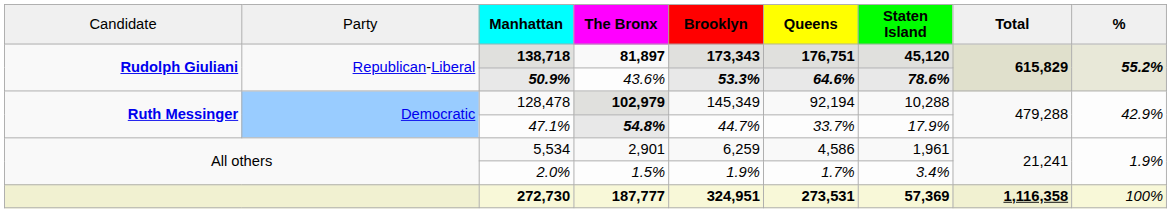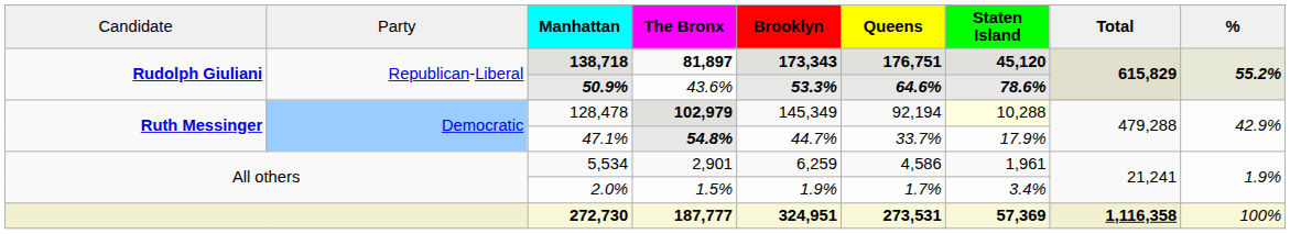 <table class="wikitable"  style="width:100%; text-align:right;">
 <tr style="text-align:center;">
 <td style="width:20%; background:#f0f0f0;">Candidate</td>
 <td style="width:20%; background:#f0f0f0;">Party</td>
 <td style="width:8%; background:aqua;"><strong>Manhattan</strong></td>
 <td style="width:8%; background:magenta;"><strong>The Bronx</strong></td>
 <td style="width:8%; background:red;"><strong>Brooklyn</strong></td>
 <td style="width:8%; background:yellow;"><strong>Queens</strong></td>
 <td style="width:8%; background:lime;"><strong>Staten Island</strong></td>
 <td style="width:10%; background:#f0f0f0;"><strong>Total</strong></td>
 <td style="width:8%; background:#f0f0f0;"><strong>%</strong></td>
 </tr>
 <tr>
 <td rowspan="2"><strong><a href='#'>Rudolph Giuliani</a></strong></td>
 <td rowspan="2"><a href='#'>Republican</a>-<a href='#'>Liberal</a></td>
 <td style="background:#e0e0dd;"><strong>138,718</strong></td>
 <td><strong>81,897</strong></td>
 <td style="background:#e0e0dd;"><strong>173,343</strong></td>
 <td style="background:#e0e0dd;"><strong> 176,751</strong></td>
 <td style="background:#e0e0dd;"><strong>45,120</strong></td>
 <td rowspan="2" style="background:#e0e0cc;"><strong>615,829</strong></td>
 <td rowspan="2" style="background:#e8e8d8;"><strong><em>55.2%</em></strong></td>
 </tr>
 <tr style="background:#e8e8e8;">
 <td><strong><em>50.9%</em></strong></td>
 <td style="background:#fdfdfd;"><em>43.6%</em></td>
 <td><strong><em>53.3%</em></strong></td>
 <td><strong><em>64.6%</em></strong></td>
 <td><strong><em>78.6%</em></strong></td>
 </tr>
 <tr>
 <td rowspan="2"><strong><a href='#'>Ruth Messinger</a></strong></td>
 <td style="background:#9cf;" rowspan="2"><a href='#'>Democratic</a></td>
 <td>128,478</td>
 <td style="background:#e0e0dd;"><strong>102,979</strong></td>
 <td>145,349</td>
 <td>92,194</td>
-<td>10,288</td>
+<td style="background: lightyellow;">10,288</td>
 <td rowspan="2">479,288</td>
 <td rowspan="2" style="background:#fdfdfd;"><em>42.9%</em></td>
 </tr>
 <tr style="background:#fdfdfd;">
 <td><em>47.1%</em></td>
 <td style="background:#e8e8e8;"><strong><em>54.8%</em></strong></td>
 <td><em>44.7%</em></td>
 <td><em>33.7%</em></td>
 <td><em>17.9%</em></td>
 </tr>
 <tr>
 <td rowspan="2" colspan="2" style="text-align:center;">All others</td>
 <td>5,534</td>
 <td>2,901</td>
 <td>6,259</td>
 <td>4,586</td>
 <td>1,961</td>
 <td rowspan="2">21,241</td>
 <td rowspan="2" style="background:#fdfdfd;"><em>1.9%</em></td>
 </tr>
 <tr style="background:#fdfdfd;">
 <td><em>2.0%</em></td>
 <td><em>1.5%</em></td>
 <td><em>1.9%</em></td>
 <td><em>1.7%</em></td>
 <td><em>3.4%</em></td>
 </tr>
 <tr style="background:#f8f8d8;">
 <td colspan="2" style="background:#f1f1d1;"></td>
 <td><strong>272,730</strong></td>
 <td><strong>187,777</strong></td>
 <td><strong> 324,951</strong></td>
 <td><strong>273,531</strong></td>
 <td><strong>57,369</strong></td>
 <td style="background:#f1f1d1;"><u><strong>1,116,358</strong></u></td>
 <td bgcolor=f8f8d8><em>100%</em></td>
 </tr>
 </table>
